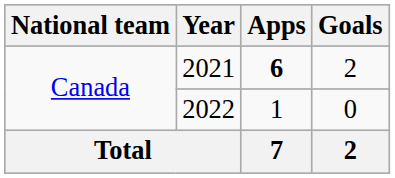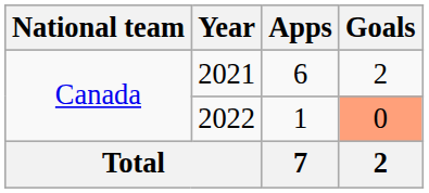 <table class="wikitable" style="text-align:center">
 <tr>
 <th>National team</th>
 <th>Year</th>
 <th>Apps</th>
 <th>Goals</th>
 </tr>
 <tr>
 <td rowspan="2"><a href='#'>Canada</a></td>
 <td>2021</td>
-<td><strong>6</strong></td>
+<td>6</td>
 <td>2</td>
 </tr>
 <tr>
 <td>2022</td>
 <td>1</td>
-<td>0</td>
+<td style="background: lightsalmon;">0</td>
 </tr>
 <tr>
 <th colspan="2">Total</th>
 <th>7</th>
 <th>2</th>
 </tr>
 </table>
